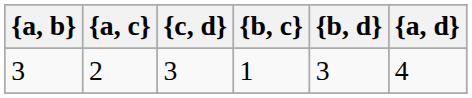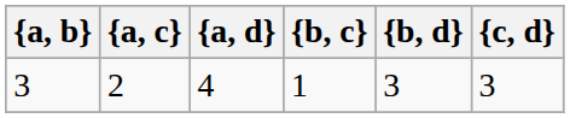 <table class="wikitable">
 <tr>
 <th>{a, b}</th>
 <th>{a, c}</th>
-<th>{c, d}</th>
+<th>{a, d}</th>
 <th>{b, c}</th>
 <th>{b, d}</th>
-<th>{a, d}</th>
+<th>{c, d}</th>
 </tr>
 <tr>
 <td>3</td>
 <td>2</td>
-<td>3</td>
+<td>4</td>
 <td>1</td>
 <td>3</td>
-<td>4</td>
+<td>3</td>
 </tr>
 </table>
